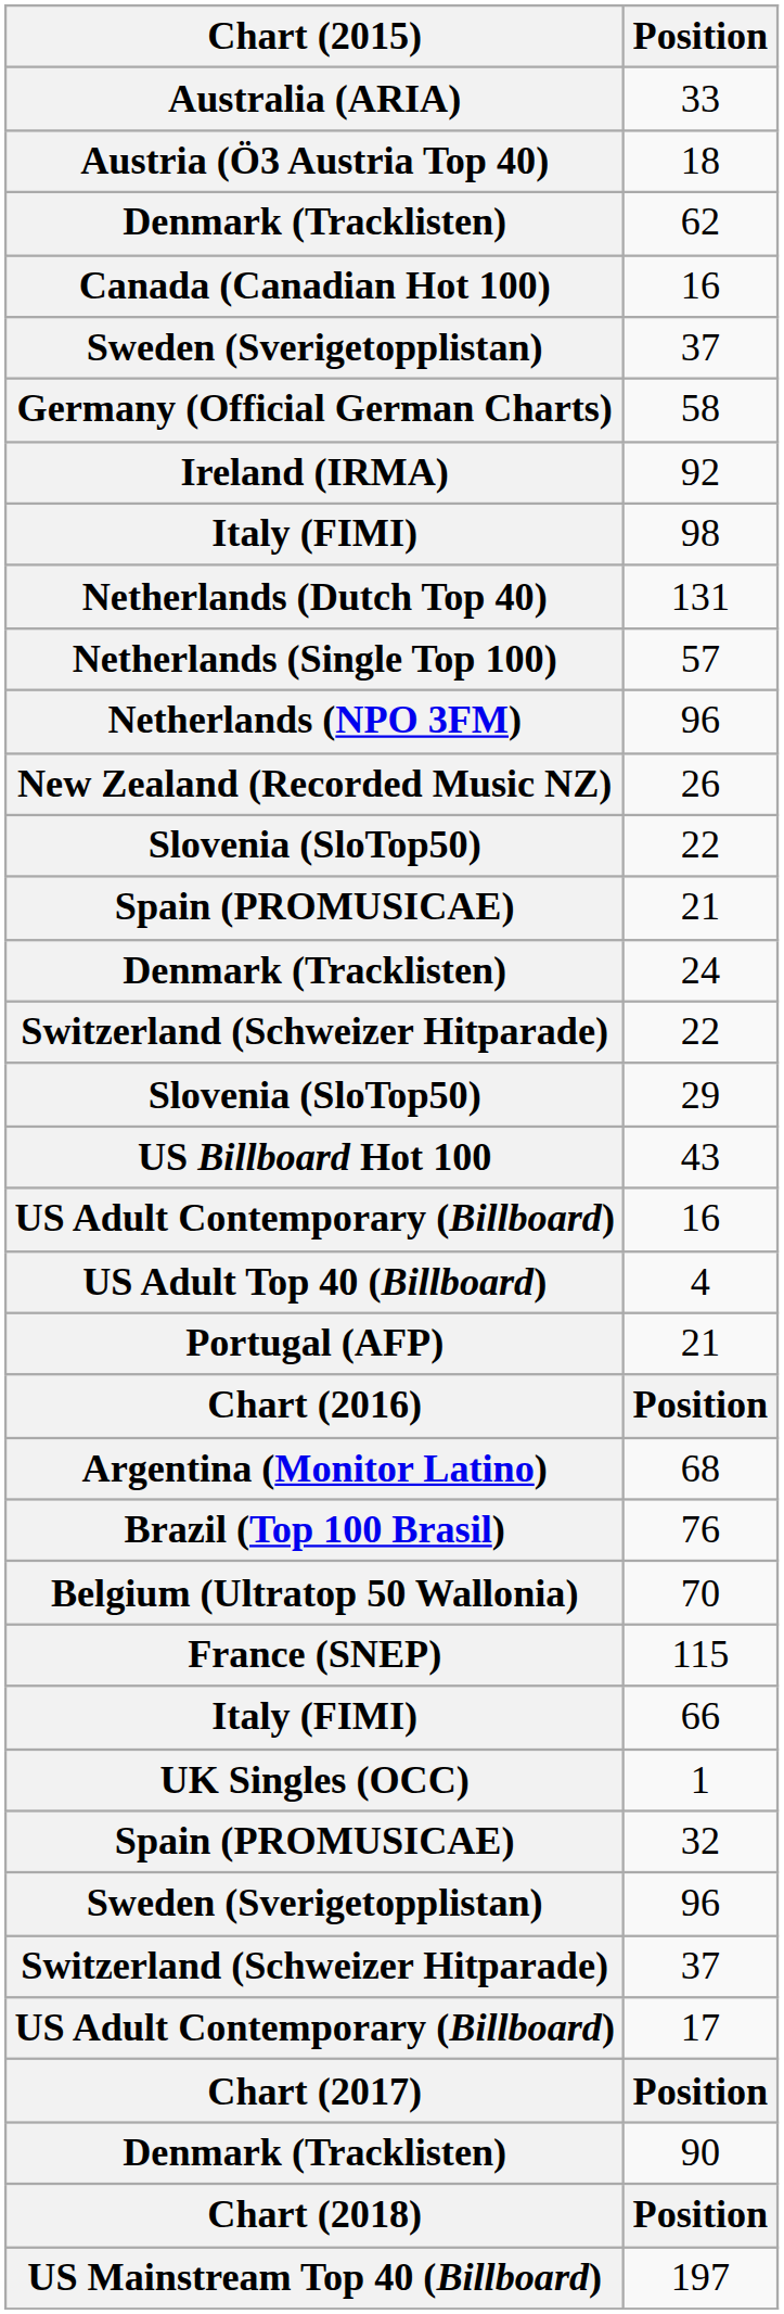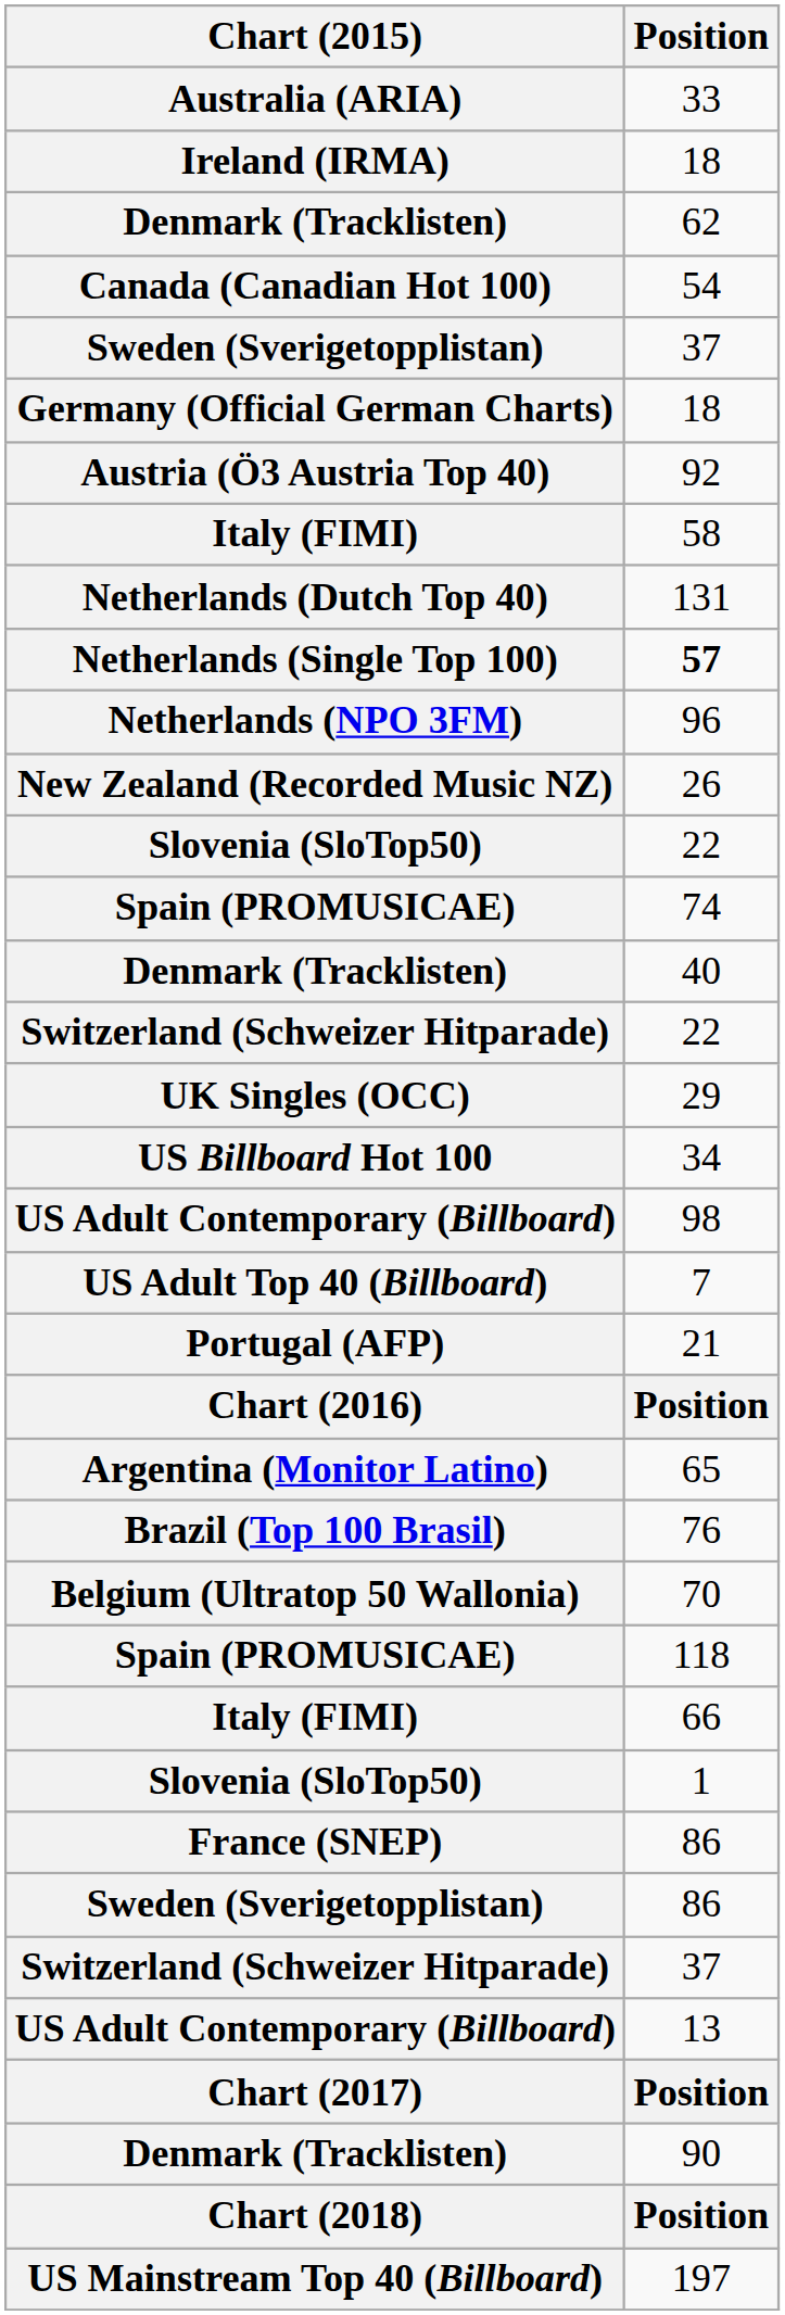 <table class="wikitable sortable plainrowheaders" style="text-align:center">
 <tr>
 <th scope="col">Chart (2015)</th>
 <th scope="col">Position</th>
 </tr>
 <tr>
 <th scope="row">Australia (ARIA)</th>
 <td>33</td>
 </tr>
 <tr>
-<th scope="row">Austria (Ö3 Austria Top 40)</th>
+<th scope="row">Ireland (IRMA)</th>
 <td>18</td>
 </tr>
 <tr>
 <th scope="row">Denmark (Tracklisten)</th>
 <td>62</td>
 </tr>
 <tr>
 <th scope="row">Canada (Canadian Hot 100)</th>
-<td>16</td>
+<td>54</td>
 </tr>
 <tr>
 <th scope="row">Sweden (Sverigetopplistan)</th>
 <td>37</td>
 </tr>
 <tr>
 <th scope="row">Germany (Official German Charts)</th>
-<td>58</td>
+<td>18</td>
 </tr>
 <tr>
-<th scope="row">Ireland (IRMA)</th>
+<th scope="row">Austria (Ö3 Austria Top 40)</th>
 <td>92</td>
 </tr>
 <tr>
 <th scope="row">Italy (FIMI)</th>
-<td>98</td>
+<td>58</td>
 </tr>
 <tr>
 <th scope="row">Netherlands (Dutch Top 40)</th>
 <td>131</td>
 </tr>
 <tr>
 <th scope="row">Netherlands (Single Top 100)</th>
-<td>57</td>
+<td><strong>57</strong></td>
 </tr>
 <tr>
 <th scope="row">Netherlands (<a href='#'>NPO 3FM</a>)</th>
 <td>96</td>
 </tr>
 <tr>
 <th scope="row">New Zealand (Recorded Music NZ)</th>
 <td>26</td>
 </tr>
 <tr>
 <th scope="row">Slovenia (SloTop50)</th>
 <td align=center>22</td>
 </tr>
 <tr>
 <th scope="row">Spain (PROMUSICAE)</th>
-<td>21</td>
+<td>74</td>
 </tr>
 <tr>
 <th scope="row">Denmark (Tracklisten)</th>
-<td>24</td>
+<td>40</td>
 </tr>
 <tr>
 <th scope="row">Switzerland (Schweizer Hitparade)</th>
 <td>22</td>
 </tr>
 <tr>
-<th scope="row">Slovenia (SloTop50)</th>
+<th scope="row">UK Singles (OCC)</th>
 <td>29</td>
 </tr>
 <tr>
 <th scope="row">US <em>Billboard</em> Hot 100</th>
-<td>43</td>
+<td>34</td>
 </tr>
 <tr>
 <th scope="row">US Adult Contemporary (<em>Billboard</em>)</th>
-<td>16</td>
+<td>98</td>
 </tr>
 <tr>
 <th scope="row">US Adult Top 40 (<em>Billboard</em>)</th>
-<td>4</td>
+<td>7</td>
 </tr>
 <tr>
 <th scope="row">Portugal (AFP)</th>
 <td>21</td>
 </tr>
 <tr>
 <th scope="col">Chart (2016)</th>
 <th scope="col">Position</th>
 </tr>
 <tr>
 <th scope="row">Argentina (<a href='#'>Monitor Latino</a>)</th>
-<td>68</td>
+<td>65</td>
 </tr>
 <tr>
 <th scope="row">Brazil (<a href='#'>Top 100 Brasil</a>)</th>
 <td>76</td>
 </tr>
 <tr>
 <th scope="row">Belgium (Ultratop 50 Wallonia)</th>
 <td>70</td>
 </tr>
 <tr>
-<th scope="row">France (SNEP)</th>
-<td>115</td>
+<th scope="row">Spain (PROMUSICAE)</th>
+<td>118</td>
 </tr>
 <tr>
 <th scope="row">Italy (FIMI)</th>
 <td>66</td>
 </tr>
 <tr>
-<th scope="row">UK Singles (OCC)</th>
+<th scope="row">Slovenia (SloTop50)</th>
 <td>1</td>
 </tr>
 <tr>
-<th scope="row">Spain (PROMUSICAE)</th>
-<td>32</td>
+<th scope="row">France (SNEP)</th>
+<td>86</td>
 </tr>
 <tr>
 <th scope="row">Sweden (Sverigetopplistan)</th>
-<td>96</td>
+<td>86</td>
 </tr>
 <tr>
 <th scope="row">Switzerland (Schweizer Hitparade)</th>
 <td>37</td>
 </tr>
 <tr>
 <th scope="row">US Adult Contemporary (<em>Billboard</em>)</th>
-<td>17</td>
+<td>13</td>
 </tr>
 <tr>
 <th scope="col">Chart (2017)</th>
 <th scope="col">Position</th>
 </tr>
 <tr>
 <th scope="row">Denmark (Tracklisten)</th>
 <td>90</td>
 </tr>
 <tr>
 <th scope="col">Chart (2018)</th>
 <th scope="col">Position</th>
 </tr>
 <tr>
 <th scope="row">US Mainstream Top 40 (<em>Billboard</em>)</th>
 <td>197</td>
 </tr>
 </table>
